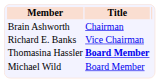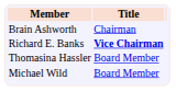 <table style="background:#f3f3ff; border:solid 1px #faded1; padding:2px; border-radius:10px;">
 <tr style="background:#faded1; padding:2px; border-radius:10px;">
 <th>Member</th>
 <th>Title</th>
 <th></th>
 </tr>
 <tr>
 <td>Brain Ashworth</td>
 <td><a href='#'>Chairman</a></td>
 </tr>
 <tr>
 <td>Richard E. Banks</td>
-<td><a href='#'>Vice Chairman</a></td>
+<td><strong><a href='#'>Vice Chairman</a></strong></td>
 </tr>
 <tr>
 <td>Thomasina Hassler</td>
-<td><strong><a href='#'>Board Member</a></strong></td>
+<td><a href='#'>Board Member</a></td>
 </tr>
 <tr>
 <td>Michael Wild</td>
 <td><a href='#'>Board Member</a></td>
 </tr>
 <tr>
 <td></td>
 </tr>
 </table>
